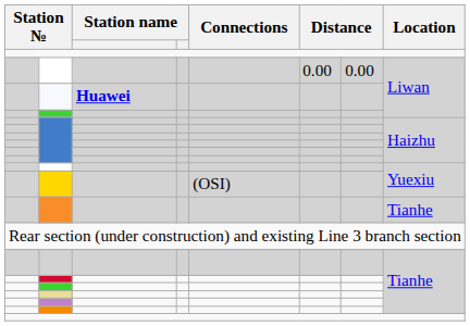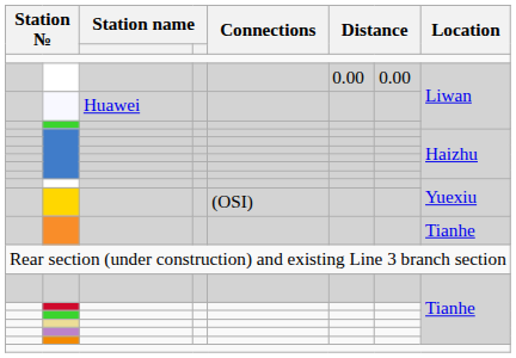 <table class="wikitable">
 <tr>
 <th rowspan="2" colspan="2">Station<br>№</th>
 <th colspan="2">Station name</th>
 <th rowspan="2">Connections</th>
 <th colspan="2" rowspan="2">Distance<br></th>
 <th rowspan="2">Location</th>
 </tr>
 <tr>
 <th></th>
 <th></th>
 </tr>
 <tr style="background:#">
 <td colspan = "9"></td>
 </tr>
 <tr bgcolor="lightgrey">
 <td></td>
 <td style=background:#FFFFFF></td>
 <td></td>
 <td></td>
 <td>    </td>
 <td>0.00</td>
 <td>0.00</td>
 <td rowspan="3"><a href='#'>Liwan</a></td>
 </tr>
 <tr bgcolor="lightgrey">
 <td></td>
 <td style=background:#F8F8FF></td>
-<td><strong><a href='#'>Huawei</a></strong></td>
+<td><a href='#'>Huawei</a></td>
 <td></td>
 <td></td>
 <td></td>
 <td></td>
 </tr>
 <tr bgcolor="lightgrey">
 <td></td>
 <td style=background:#3bd42e></td>
 <td></td>
 <td></td>
 <td></td>
 <td></td>
 <td></td>
 </tr>
 <tr bgcolor="lightgrey">
 <td></td>
 <td rowspan="6" style=background:#407cc9></td>
 <td></td>
 <td></td>
 <td></td>
 <td></td>
 <td></td>
 <td rowspan="6"><a href='#'>Haizhu</a></td>
 </tr>
 <tr bgcolor="lightgrey">
 <td></td>
 <td></td>
 <td></td>
 <td></td>
 <td></td>
 <td></td>
 </tr>
 <tr bgcolor="lightgrey">
 <td></td>
 <td></td>
 <td></td>
 <td> </td>
 <td></td>
 <td></td>
 </tr>
 <tr bgcolor="lightgrey">
 <td></td>
 <td></td>
 <td></td>
 <td> </td>
 <td></td>
 <td></td>
 </tr>
 <tr bgcolor="lightgrey">
 <td></td>
 <td></td>
 <td></td>
 <td></td>
 <td></td>
 <td></td>
 </tr>
 <tr bgcolor="lightgrey">
 <td></td>
 <td></td>
 <td></td>
 <td></td>
 <td></td>
 <td></td>
 </tr>
 <tr bgcolor="lightgrey">
 <td></td>
 <td style=background:#FFFFFF></td>
 <td></td>
 <td></td>
 <td>   </td>
 <td></td>
 <td></td>
 <td rowspan="2"><a href='#'>Yuexiu</a></td>
 </tr>
 <tr bgcolor="lightgrey">
 <td></td>
 <td style=background:#ffd700></td>
 <td></td>
 <td></td>
 <td>  (OSI)</td>
 <td></td>
 <td></td>
 </tr>
 <tr bgcolor="lightgrey">
 <td></td>
 <td style=background:#f98d29></td>
 <td></td>
 <td></td>
 <td></td>
 <td></td>
 <td></td>
 <td><a href='#'>Tianhe</a></td>
 </tr>
 <tr style="background:#">
 <td colspan="8"> Rear section (under construction) and existing Line 3 branch section </td>
 </tr>
 <tr bgcolor="lightgrey">
 <td></td>
 <td></td>
 <td></td>
 <td></td>
 <td> <br> </td>
 <td></td>
 <td></td>
 <td rowspan="6"><a href='#'>Tianhe</a></td>
 </tr>
 <tr>
 <td></td>
 <td style=background:#cf0a2c></td>
 <td></td>
 <td></td>
 <td></td>
 <td></td>
 <td></td>
 </tr>
 <tr>
 <td></td>
 <td style=background:#3bd42e></td>
 <td></td>
 <td></td>
 <td></td>
 <td></td>
 <td></td>
 </tr>
 <tr>
 <td></td>
 <td style=background:#ecde97></td>
 <td></td>
 <td></td>
 <td> </td>
 <td></td>
 <td></td>
 </tr>
 <tr>
 <td></td>
 <td style=background:#bc83c9></td>
 <td></td>
 <td></td>
 <td></td>
 <td></td>
 <td></td>
 </tr>
 <tr>
 <td></td>
 <td style=background:#f38a00></td>
 <td></td>
 <td></td>
 <td> </td>
 <td></td>
 <td></td>
 </tr>
 <tr style="background:#">
 <td colspan = "9"></td>
 </tr>
 </table>
